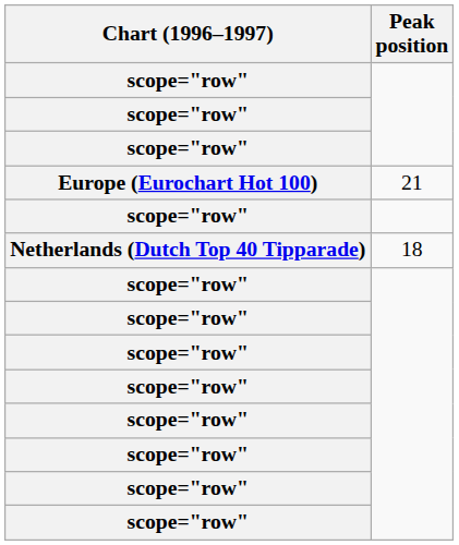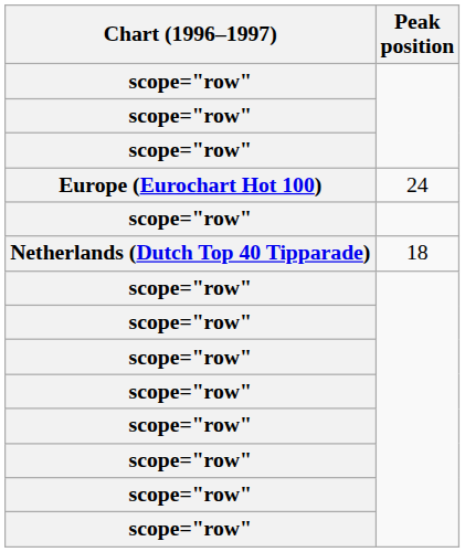 <table class="wikitable plainrowheaders sortable" style="text-align:center">
 <tr>
 <th scope="col">Chart (1996–1997)</th>
 <th scope="col">Peak<br>position</th>
 </tr>
 <tr>
 <th>scope="row" </th>
 </tr>
 <tr>
 <th>scope="row" </th>
 </tr>
 <tr>
 <th>scope="row" </th>
 </tr>
 <tr>
 <th scope="row">Europe (<a href='#'>Eurochart Hot 100</a>)</th>
-<td>21</td>
+<td>24</td>
 </tr>
 <tr>
 <th>scope="row" </th>
 </tr>
 <tr>
 <th scope="row">Netherlands (<a href='#'>Dutch Top 40 Tipparade</a>)</th>
 <td>18</td>
 </tr>
 <tr>
 <th>scope="row" </th>
 </tr>
 <tr>
 <th>scope="row" </th>
 </tr>
 <tr>
 <th>scope="row" </th>
 </tr>
 <tr>
 <th>scope="row" </th>
 </tr>
 <tr>
 <th>scope="row" </th>
 </tr>
 <tr>
 <th>scope="row" </th>
 </tr>
 <tr>
 <th>scope="row" </th>
 </tr>
 <tr>
 <th>scope="row" </th>
 </tr>
 </table>
